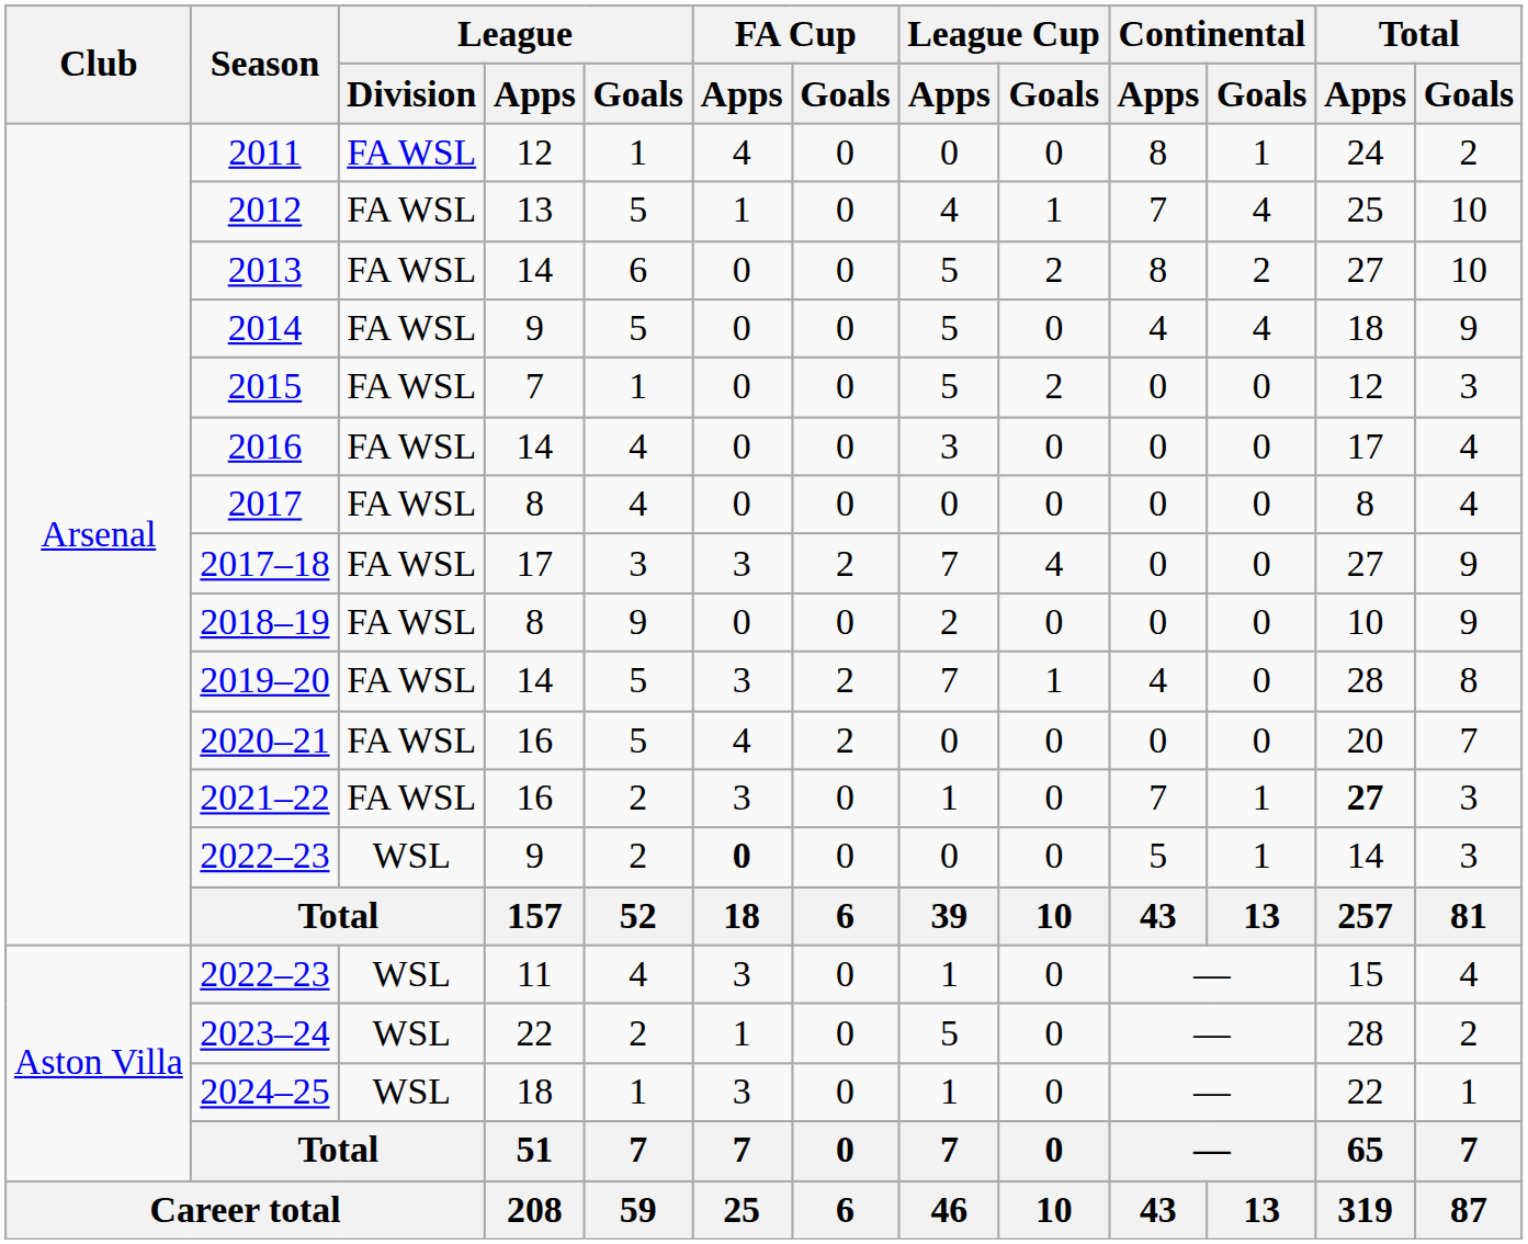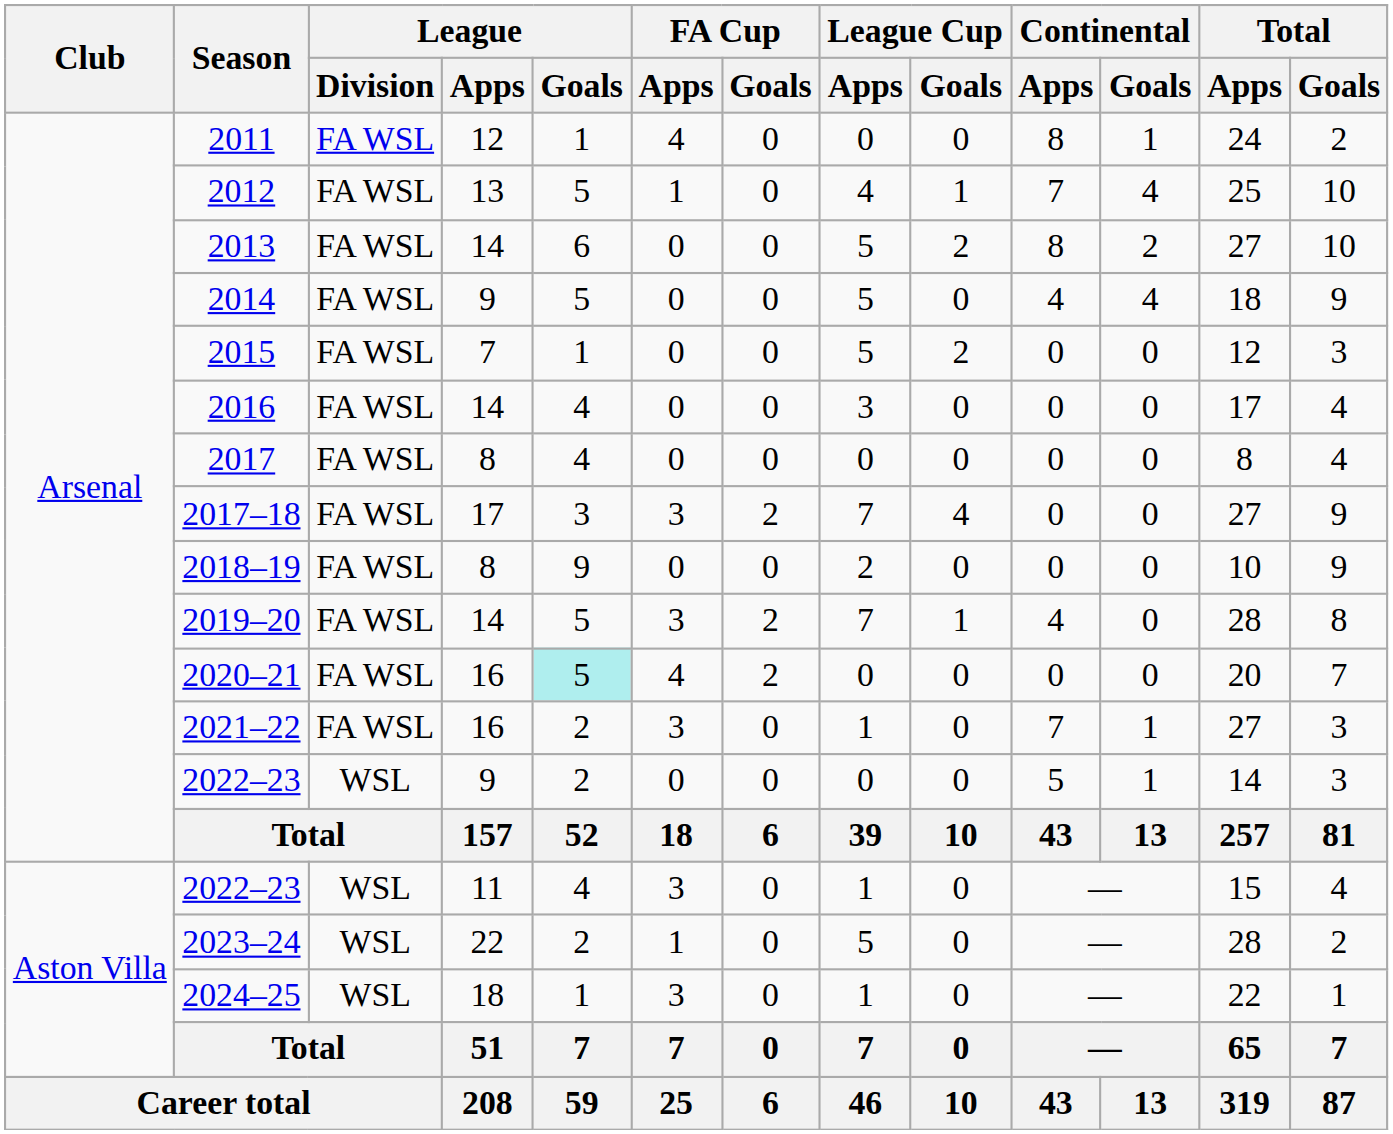 <table class="wikitable" style="text-align:center">
 <tr>
 <th rowspan="2">Club</th>
 <th rowspan="2">Season</th>
 <th colspan="3">League</th>
 <th colspan="2">FA Cup</th>
 <th colspan="2">League Cup</th>
 <th colspan="2">Continental</th>
 <th colspan="2">Total</th>
 </tr>
 <tr>
 <th>Division</th>
 <th>Apps</th>
 <th>Goals</th>
 <th>Apps</th>
 <th>Goals</th>
 <th>Apps</th>
 <th>Goals</th>
 <th>Apps</th>
 <th>Goals</th>
 <th>Apps</th>
 <th>Goals</th>
 </tr>
 <tr>
 <td rowspan="14"><a href='#'>Arsenal</a></td>
 <td><a href='#'>2011</a></td>
 <td><a href='#'>FA WSL</a></td>
 <td>12</td>
 <td>1</td>
 <td>4</td>
 <td>0</td>
 <td>0</td>
 <td>0</td>
 <td>8</td>
 <td>1</td>
 <td>24</td>
 <td>2</td>
 </tr>
 <tr>
 <td><a href='#'>2012</a></td>
 <td>FA WSL</td>
 <td>13</td>
 <td>5</td>
 <td>1</td>
 <td>0</td>
 <td>4</td>
 <td>1</td>
 <td>7</td>
 <td>4</td>
 <td>25</td>
 <td>10</td>
 </tr>
 <tr>
 <td><a href='#'>2013</a></td>
 <td>FA WSL</td>
 <td>14</td>
 <td>6</td>
 <td>0</td>
 <td>0</td>
 <td>5</td>
 <td>2</td>
 <td>8</td>
 <td>2</td>
 <td>27</td>
 <td>10</td>
 </tr>
 <tr>
 <td><a href='#'>2014</a></td>
 <td>FA WSL</td>
 <td>9</td>
 <td>5</td>
 <td>0</td>
 <td>0</td>
 <td>5</td>
 <td>0</td>
 <td>4</td>
 <td>4</td>
 <td>18</td>
 <td>9</td>
 </tr>
 <tr>
 <td><a href='#'>2015</a></td>
 <td>FA WSL</td>
 <td>7</td>
 <td>1</td>
 <td>0</td>
 <td>0</td>
 <td>5</td>
 <td>2</td>
 <td>0</td>
 <td>0</td>
 <td>12</td>
 <td>3</td>
 </tr>
 <tr>
 <td><a href='#'>2016</a></td>
 <td>FA WSL</td>
 <td>14</td>
 <td>4</td>
 <td>0</td>
 <td>0</td>
 <td>3</td>
 <td>0</td>
 <td>0</td>
 <td>0</td>
 <td>17</td>
 <td>4</td>
 </tr>
 <tr>
 <td><a href='#'>2017</a></td>
 <td>FA WSL</td>
 <td>8</td>
 <td>4</td>
 <td>0</td>
 <td>0</td>
 <td>0</td>
 <td>0</td>
 <td>0</td>
 <td>0</td>
 <td>8</td>
 <td>4</td>
 </tr>
 <tr>
 <td><a href='#'>2017–18</a></td>
 <td>FA WSL</td>
 <td>17</td>
 <td>3</td>
 <td>3</td>
 <td>2</td>
 <td>7</td>
 <td>4</td>
 <td>0</td>
 <td>0</td>
 <td>27</td>
 <td>9</td>
 </tr>
 <tr>
 <td><a href='#'>2018–19</a></td>
 <td>FA WSL</td>
 <td>8</td>
 <td>9</td>
 <td>0</td>
 <td>0</td>
 <td>2</td>
 <td>0</td>
 <td>0</td>
 <td>0</td>
 <td>10</td>
 <td>9</td>
 </tr>
 <tr>
 <td><a href='#'>2019–20</a></td>
 <td>FA WSL</td>
 <td>14</td>
 <td>5</td>
 <td>3</td>
 <td>2</td>
 <td>7</td>
 <td>1</td>
 <td>4</td>
 <td>0</td>
 <td>28</td>
 <td>8</td>
 </tr>
 <tr>
 <td><a href='#'>2020–21</a></td>
 <td>FA WSL</td>
 <td>16</td>
-<td>5</td>
+<td style="background: paleturquoise;">5</td>
 <td>4</td>
 <td>2</td>
 <td>0</td>
 <td>0</td>
 <td>0</td>
 <td>0</td>
 <td>20</td>
 <td>7</td>
 </tr>
 <tr>
 <td><a href='#'>2021–22</a></td>
 <td>FA WSL</td>
 <td>16</td>
 <td>2</td>
 <td>3</td>
 <td>0</td>
 <td>1</td>
 <td>0</td>
 <td>7</td>
 <td>1</td>
-<td><strong>27</strong></td>
+<td>27</td>
 <td>3</td>
 </tr>
 <tr>
 <td><a href='#'>2022–23</a></td>
 <td>WSL</td>
 <td>9</td>
 <td>2</td>
-<td><strong>0</strong></td>
+<td>0</td>
 <td>0</td>
 <td>0</td>
 <td>0</td>
 <td>5</td>
 <td>1</td>
 <td>14</td>
 <td>3</td>
 </tr>
 <tr>
 <th colspan="2">Total</th>
 <th>157</th>
 <th>52</th>
 <th>18</th>
 <th>6</th>
 <th>39</th>
 <th>10</th>
 <th>43</th>
 <th>13</th>
 <th>257</th>
 <th>81</th>
 </tr>
 <tr>
 <td rowspan="4"><a href='#'>Aston Villa</a></td>
 <td><a href='#'>2022–23</a></td>
 <td>WSL</td>
 <td>11</td>
 <td>4</td>
 <td>3</td>
 <td>0</td>
 <td>1</td>
 <td>0</td>
 <td colspan="2">—</td>
 <td>15</td>
 <td>4</td>
 </tr>
 <tr>
 <td><a href='#'>2023–24</a></td>
 <td>WSL</td>
 <td>22</td>
 <td>2</td>
 <td>1</td>
 <td>0</td>
 <td>5</td>
 <td>0</td>
 <td colspan="2">—</td>
 <td>28</td>
 <td>2</td>
 </tr>
 <tr>
 <td><a href='#'>2024–25</a></td>
 <td>WSL</td>
 <td>18</td>
 <td>1</td>
 <td>3</td>
 <td>0</td>
 <td>1</td>
 <td>0</td>
 <td colspan="2">—</td>
 <td>22</td>
 <td>1</td>
 </tr>
 <tr>
 <th colspan="2">Total</th>
 <th>51</th>
 <th>7</th>
 <th>7</th>
 <th>0</th>
 <th>7</th>
 <th>0</th>
 <th colspan="2">—</th>
 <th>65</th>
 <th>7</th>
 </tr>
 <tr>
 <th colspan="3">Career total</th>
 <th>208</th>
 <th>59</th>
 <th>25</th>
 <th>6</th>
 <th>46</th>
 <th>10</th>
 <th>43</th>
 <th>13</th>
 <th>319</th>
 <th>87</th>
 </tr>
 </table>
